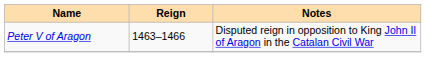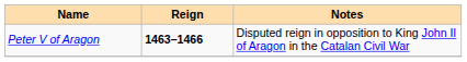 <table width = "50%" border = 1 border="1" cellpadding="4" cellspacing="0" style="margin: 0.5em 1em 0.5em 0; background: #f9f9f9; border: 1px #aaa solid; border-collapse: collapse;">
 <tr>
 <th width = "30" bgcolor = "#FFDEAD">Name</th>
 <th width = "20%" bgcolor = "#FFDEAD">Reign</th>
 <th width = "50%" bgcolor = "#FFDEAD">Notes</th>
 </tr>
 <tr>
 <td><em><a href='#'>Peter V of Aragon</a></em></td>
-<td>1463–1466</td>
+<td><strong>1463–1466</strong></td>
 <td>Disputed reign in opposition to King <a href='#'>John II of Aragon</a> in the <a href='#'>Catalan Civil War</a></td>
 </tr>
 <tr>
 </tr>
 </table>
